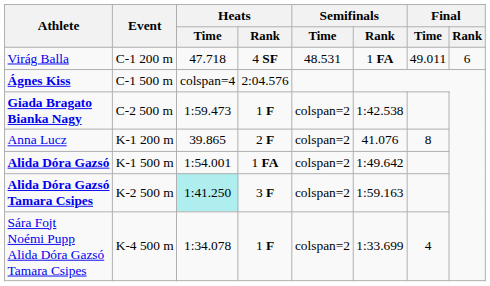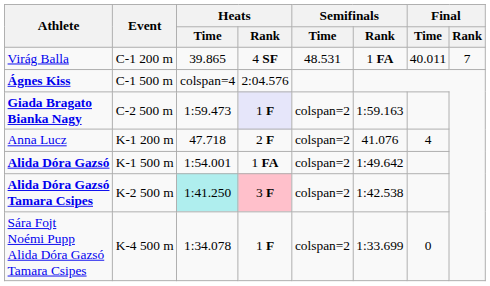 <table class=wikitable style="font-size:90%">
 <tr>
 <th rowspan="2">Athlete</th>
 <th rowspan="2">Event</th>
 <th colspan=2>Heats</th>
 <th colspan=2>Semifinals</th>
 <th colspan=2>Final</th>
 </tr>
 <tr style="font-size:95%">
 <th>Time</th>
 <th>Rank</th>
 <th>Time</th>
 <th>Rank</th>
 <th>Time</th>
 <th>Rank</th>
 </tr>
 <tr align=center>
 <td align=left><a href='#'>Virág Balla</a></td>
 <td align=left>C-1 200 m</td>
-<td>47.718</td>
+<td>39.865</td>
 <td>4 <strong>SF</strong></td>
 <td>48.531</td>
 <td>1 <strong>FA</strong></td>
-<td>49.011</td>
-<td>6</td>
+<td>40.011</td>
+<td>7</td>
 </tr>
 <tr align=center>
 <td align=left><strong><a href='#'>Ágnes Kiss</a></strong></td>
 <td align=left>C-1 500 m</td>
 <td>colspan=4</td>
 <td>2:04.576</td>
 <td></td>
 </tr>
 <tr align=center>
 <td align=left><strong><a href='#'>Giada Bragato</a></strong><br><strong><a href='#'>Bianka Nagy</a></strong></td>
 <td align=left>C-2 500 m</td>
 <td>1:59.473</td>
-<td>1 <strong>F</strong></td>
+<td style="background: lavender;">1 <strong>F</strong></td>
 <td>colspan=2</td>
-<td>1:42.538</td>
+<td>1:59.163</td>
 <td></td>
 </tr>
 <tr align=center>
 <td align=left><a href='#'>Anna Lucz</a></td>
 <td align=left>K-1 200 m</td>
-<td>39.865</td>
+<td>47.718</td>
 <td>2 <strong>F</strong></td>
 <td>colspan=2</td>
 <td>41.076</td>
-<td>8</td>
+<td>4</td>
 </tr>
 <tr align=center>
 <td align=left><strong><a href='#'>Alida Dóra Gazsó</a></strong></td>
 <td align=left>K-1 500 m</td>
 <td>1:54.001</td>
 <td>1 <strong>FA</strong></td>
 <td>colspan=2</td>
 <td>1:49.642</td>
 <td></td>
 </tr>
 <tr align=center>
 <td align=left><strong><a href='#'>Alida Dóra Gazsó</a></strong><br><strong><a href='#'>Tamara Csipes</a></strong></td>
 <td align=left>K-2 500 m</td>
 <td style="background: paleturquoise;">1:41.250</td>
-<td>3 <strong>F</strong></td>
+<td style="background: pink;">3 <strong>F</strong></td>
 <td>colspan=2</td>
-<td>1:59.163</td>
+<td>1:42.538</td>
 <td></td>
 </tr>
 <tr align=center>
 <td align=left><a href='#'>Sára Fojt</a><br><a href='#'>Noémi Pupp</a><br><a href='#'>Alida Dóra Gazsó</a><br><a href='#'>Tamara Csipes</a></td>
 <td align=left>K-4 500 m</td>
 <td>1:34.078</td>
 <td>1 <strong>F</strong></td>
 <td>colspan=2</td>
 <td>1:33.699</td>
-<td>4</td>
+<td>0</td>
 </tr>
 </table>
